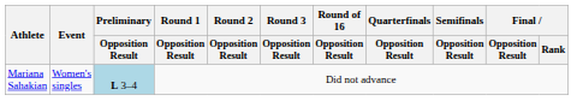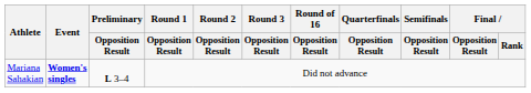 <table class="wikitable" style="font-size:90%;">
 <tr>
 <th rowspan=2>Athlete</th>
 <th rowspan=2>Event</th>
 <th>Preliminary</th>
 <th>Round 1</th>
 <th>Round 2</th>
 <th>Round 3</th>
 <th>Round of 16</th>
 <th>Quarterfinals</th>
 <th>Semifinals</th>
 <th colspan=2>Final / </th>
 </tr>
 <tr style="font-size:95%">
 <th>Opposition<br>Result</th>
 <th>Opposition<br>Result</th>
 <th>Opposition<br>Result</th>
 <th>Opposition<br>Result</th>
 <th>Opposition<br>Result</th>
 <th>Opposition<br>Result</th>
 <th>Opposition<br>Result</th>
 <th>Opposition<br>Result</th>
 <th>Rank</th>
 </tr>
 <tr align=center>
 <td align=left><a href='#'>Mariana Sahakian</a></td>
-<td align=left><a href='#'>Women's singles</a></td>
-<td style="background: lightblue;"><br> <strong>L</strong> 3–4</td>
+<td align=left><strong><a href='#'>Women's singles</a></strong></td>
+<td><br> <strong>L</strong> 3–4</td>
 <td colspan=8>Did not advance</td>
 </tr>
 </table>
